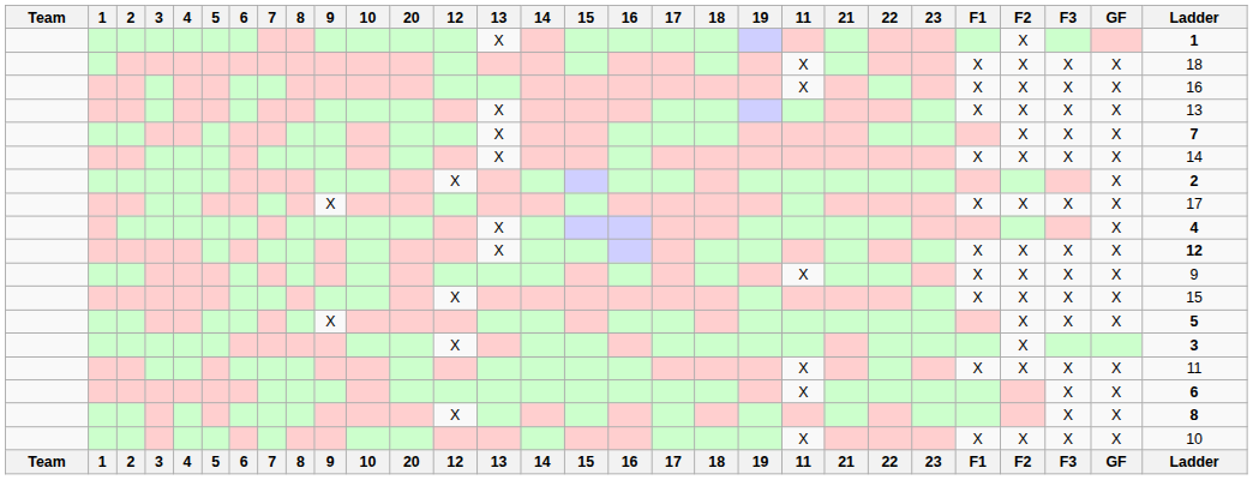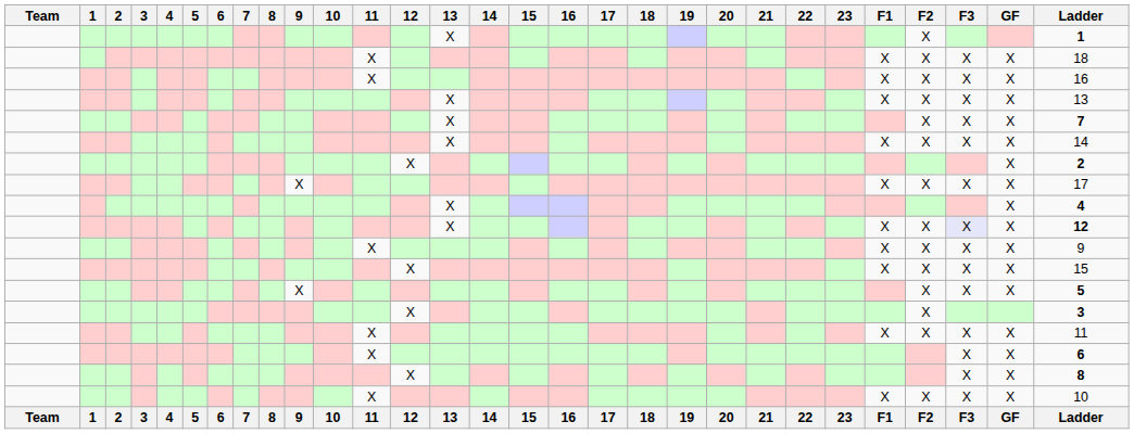 <table class="wikitable sortable" style="font-size:85%; text-align:center; width:90%">
 <tr valign="top">
 <th valign="middle">Team</th>
 <th>1</th>
 <th>2</th>
 <th>3</th>
 <th>4</th>
 <th>5</th>
 <th>6</th>
 <th>7</th>
 <th>8</th>
 <th>9</th>
 <th>10</th>
-<th>20</th>
+<th>11</th>
 <th>12</th>
 <th>13</th>
 <th>14</th>
 <th>15</th>
 <th>16</th>
 <th>17</th>
 <th>18</th>
 <th>19</th>
-<th>11</th>
+<th>20</th>
 <th>21</th>
 <th>22</th>
 <th>23</th>
 <th>F1</th>
 <th>F2</th>
 <th>F3</th>
 <th>GF</th>
 <th valign="middle">Ladder</th>
 </tr>
 <tr>
 <td align="left"></td>
 <td style="background:#cfc;"></td>
 <td style="background:#cfc;"></td>
 <td style="background:#cfc;"></td>
 <td style="background:#cfc;"></td>
 <td style="background:#cfc;"></td>
 <td style="background:#cfc;"></td>
 <td style="background:#FFCFCF;"></td>
 <td style="background:#FFCFCF;"></td>
 <td style="background:#cfc;"></td>
 <td style="background:#cfc;"></td>
-<td style="background:#cfc;"></td>
+<td style="background:#FFCFCF;"></td>
 <td style="background:#cfc;"></td>
 <td>X</td>
 <td style="background:#FFCFCF;"></td>
 <td style="background:#cfc;"></td>
 <td style="background:#cfc;"></td>
 <td style="background:#cfc;"></td>
 <td style="background:#cfc;"></td>
 <td style="background:#CFCFFF;"></td>
-<td style="background:#FFCFCF;"></td>
+<td style="background:#cfc;"></td>
 <td style="background:#cfc;"></td>
 <td style="background:#FFCFCF;"></td>
 <td style="background:#FFCFCF;"></td>
 <td style="background:#cfc;"></td>
 <td>X</td>
 <td style="background:#cfc;"></td>
 <td style="background:#FFCFCF;"></td>
 <td><strong>1</strong></td>
 </tr>
 <tr>
 <td align="left"></td>
 <td style="background:#cfc;"></td>
 <td style="background:#FFCFCF;"></td>
 <td style="background:#FFCFCF;"></td>
 <td style="background:#FFCFCF;"></td>
 <td style="background:#FFCFCF;"></td>
 <td style="background:#FFCFCF;"></td>
 <td style="background:#FFCFCF;"></td>
 <td style="background:#FFCFCF;"></td>
 <td style="background:#FFCFCF;"></td>
 <td style="background:#FFCFCF;"></td>
-<td style="background:#FFCFCF;"></td>
+<td>X</td>
 <td style="background:#cfc;"></td>
 <td style="background:#FFCFCF;"></td>
 <td style="background:#FFCFCF;"></td>
 <td style="background:#cfc;"></td>
 <td style="background:#FFCFCF;"></td>
 <td style="background:#FFCFCF;"></td>
 <td style="background:#cfc;"></td>
 <td style="background:#FFCFCF;"></td>
-<td>X</td>
+<td style="background:#FFCFCF;"></td>
 <td style="background:#cfc;"></td>
 <td style="background:#FFCFCF;"></td>
 <td style="background:#FFCFCF;"></td>
 <td>X</td>
 <td>X</td>
 <td>X</td>
 <td>X</td>
 <td>18</td>
 </tr>
 <tr>
 <td align="left"></td>
 <td style="background:#FFCFCF;"></td>
 <td style="background:#FFCFCF;"></td>
 <td style="background:#cfc;"></td>
 <td style="background:#FFCFCF;"></td>
 <td style="background:#FFCFCF;"></td>
 <td style="background:#cfc;"></td>
 <td style="background:#cfc;"></td>
 <td style="background:#FFCFCF;"></td>
 <td style="background:#FFCFCF;"></td>
 <td style="background:#FFCFCF;"></td>
-<td style="background:#FFCFCF;"></td>
+<td>X</td>
 <td style="background:#cfc;"></td>
 <td style="background:#cfc;"></td>
 <td style="background:#FFCFCF;"></td>
 <td style="background:#FFCFCF;"></td>
 <td style="background:#FFCFCF;"></td>
 <td style="background:#FFCFCF;"></td>
 <td style="background:#FFCFCF;"></td>
 <td style="background:#FFCFCF;"></td>
-<td>X</td>
+<td style="background:#FFCFCF;"></td>
 <td style="background:#FFCFCF;"></td>
 <td style="background:#cfc;"></td>
 <td style="background:#FFCFCF;"></td>
 <td>X</td>
 <td>X</td>
 <td>X</td>
 <td>X</td>
 <td>16</td>
 </tr>
 <tr>
 <td align="left"></td>
 <td style="background:#FFCFCF;"></td>
 <td style="background:#FFCFCF;"></td>
 <td style="background:#cfc;"></td>
 <td style="background:#FFCFCF;"></td>
 <td style="background:#FFCFCF;"></td>
 <td style="background:#cfc;"></td>
 <td style="background:#FFCFCF;"></td>
 <td style="background:#FFCFCF;"></td>
 <td style="background:#cfc;"></td>
 <td style="background:#cfc;"></td>
 <td style="background:#cfc;"></td>
 <td style="background:#FFCFCF;"></td>
 <td>X</td>
 <td style="background:#FFCFCF;"></td>
 <td style="background:#FFCFCF;"></td>
 <td style="background:#FFCFCF;"></td>
 <td style="background:#cfc;"></td>
 <td style="background:#cfc;"></td>
 <td style="background:#CFCFFF;"></td>
 <td style="background:#cfc;"></td>
 <td style="background:#FFCFCF;"></td>
 <td style="background:#FFCFCF;"></td>
 <td style="background:#cfc;"></td>
 <td>X</td>
 <td>X</td>
 <td>X</td>
 <td>X</td>
 <td>13</td>
 </tr>
 <tr>
 <td align="left"></td>
 <td style="background:#cfc;"></td>
 <td style="background:#cfc;"></td>
 <td style="background:#FFCFCF;"></td>
 <td style="background:#FFCFCF;"></td>
 <td style="background:#cfc;"></td>
 <td style="background:#FFCFCF;"></td>
 <td style="background:#FFCFCF;"></td>
 <td style="background:#cfc;"></td>
 <td style="background:#cfc;"></td>
 <td style="background:#FFCFCF;"></td>
-<td style="background:#cfc;"></td>
+<td style="background:#FFCFCF;"></td>
 <td style="background:#cfc;"></td>
 <td>X</td>
 <td style="background:#FFCFCF;"></td>
 <td style="background:#FFCFCF;"></td>
 <td style="background:#cfc;"></td>
 <td style="background:#cfc;"></td>
 <td style="background:#cfc;"></td>
 <td style="background:#FFCFCF;"></td>
-<td style="background:#FFCFCF;"></td>
+<td style="background:#cfc;"></td>
 <td style="background:#FFCFCF;"></td>
 <td style="background:#cfc;"></td>
 <td style="background:#cfc;"></td>
 <td style="background:#FFCFCF;"></td>
 <td>X</td>
 <td>X</td>
 <td>X</td>
 <td><strong>7</strong></td>
 </tr>
 <tr>
 <td align="left"></td>
 <td style="background:#FFCFCF;"></td>
 <td style="background:#FFCFCF;"></td>
 <td style="background:#cfc;"></td>
 <td style="background:#cfc;"></td>
 <td style="background:#cfc;"></td>
 <td style="background:#FFCFCF;"></td>
 <td style="background:#cfc;"></td>
 <td style="background:#cfc;"></td>
 <td style="background:#cfc;"></td>
 <td style="background:#FFCFCF;"></td>
-<td style="background:#cfc;"></td>
+<td style="background:#FFCFCF;"></td>
 <td style="background:#FFCFCF;"></td>
 <td>X</td>
 <td style="background:#FFCFCF;"></td>
 <td style="background:#FFCFCF;"></td>
 <td style="background:#cfc;"></td>
 <td style="background:#FFCFCF;"></td>
 <td style="background:#FFCFCF;"></td>
 <td style="background:#FFCFCF;"></td>
-<td style="background:#FFCFCF;"></td>
+<td style="background:#cfc;"></td>
 <td style="background:#FFCFCF;"></td>
 <td style="background:#FFCFCF;"></td>
 <td style="background:#FFCFCF;"></td>
 <td>X</td>
 <td>X</td>
 <td>X</td>
 <td>X</td>
 <td>14</td>
 </tr>
 <tr>
 <td align="left"></td>
 <td style="background:#cfc;"></td>
 <td style="background:#cfc;"></td>
 <td style="background:#cfc;"></td>
 <td style="background:#cfc;"></td>
 <td style="background:#cfc;"></td>
 <td style="background:#FFCFCF;"></td>
 <td style="background:#FFCFCF;"></td>
 <td style="background:#FFCFCF;"></td>
 <td style="background:#cfc;"></td>
 <td style="background:#cfc;"></td>
-<td style="background:#FFCFCF;"></td>
+<td style="background:#cfc;"></td>
 <td>X</td>
 <td style="background:#FFCFCF;"></td>
 <td style="background:#cfc;"></td>
 <td style="background:#CFCFFF;"></td>
 <td style="background:#cfc;"></td>
 <td style="background:#cfc;"></td>
 <td style="background:#FFCFCF;"></td>
 <td style="background:#cfc;"></td>
-<td style="background:#cfc;"></td>
+<td style="background:#FFCFCF;"></td>
 <td style="background:#cfc;"></td>
 <td style="background:#cfc;"></td>
 <td style="background:#cfc;"></td>
 <td style="background:#FFCFCF;"></td>
 <td style="background:#cfc;"></td>
 <td style="background:#FFCFCF;"></td>
 <td>X</td>
 <td><strong>2</strong></td>
 </tr>
 <tr>
 <td align="left"></td>
 <td style="background:#FFCFCF;"></td>
 <td style="background:#FFCFCF;"></td>
 <td style="background:#cfc;"></td>
 <td style="background:#cfc;"></td>
 <td style="background:#FFCFCF;"></td>
 <td style="background:#FFCFCF;"></td>
 <td style="background:#cfc;"></td>
 <td style="background:#FFCFCF;"></td>
 <td>X</td>
 <td style="background:#FFCFCF;"></td>
-<td style="background:#FFCFCF;"></td>
+<td style="background:#cfc;"></td>
 <td style="background:#cfc;"></td>
 <td style="background:#FFCFCF;"></td>
 <td style="background:#FFCFCF;"></td>
 <td style="background:#cfc;"></td>
 <td style="background:#FFCFCF;"></td>
 <td style="background:#FFCFCF;"></td>
 <td style="background:#FFCFCF;"></td>
 <td style="background:#FFCFCF;"></td>
-<td style="background:#cfc;"></td>
+<td style="background:#FFCFCF;"></td>
 <td style="background:#FFCFCF;"></td>
 <td style="background:#FFCFCF;"></td>
 <td style="background:#FFCFCF;"></td>
 <td>X</td>
 <td>X</td>
 <td>X</td>
 <td>X</td>
 <td>17</td>
 </tr>
 <tr>
 <td align="left"></td>
 <td style="background:#FFCFCF;"></td>
 <td style="background:#cfc;"></td>
 <td style="background:#cfc;"></td>
 <td style="background:#cfc;"></td>
 <td style="background:#cfc;"></td>
 <td style="background:#cfc;"></td>
 <td style="background:#FFCFCF;"></td>
 <td style="background:#cfc;"></td>
 <td style="background:#cfc;"></td>
 <td style="background:#cfc;"></td>
 <td style="background:#cfc;"></td>
 <td style="background:#FFCFCF;"></td>
 <td>X</td>
 <td style="background:#cfc;"></td>
 <td style="background:#CFCFFF;"></td>
 <td style="background:#CFCFFF;"></td>
 <td style="background:#FFCFCF;"></td>
 <td style="background:#FFCFCF;"></td>
 <td style="background:#cfc;"></td>
 <td style="background:#cfc;"></td>
 <td style="background:#cfc;"></td>
 <td style="background:#cfc;"></td>
 <td style="background:#FFCFCF;"></td>
 <td style="background:#FFCFCF;"></td>
 <td style="background:#cfc;"></td>
 <td style="background:#FFCFCF;"></td>
 <td>X</td>
 <td><strong>4</strong></td>
 </tr>
 <tr>
 <td align="left"></td>
 <td style="background:#FFCFCF;"></td>
 <td style="background:#FFCFCF;"></td>
 <td style="background:#FFCFCF;"></td>
 <td style="background:#FFCFCF;"></td>
 <td style="background:#cfc;"></td>
 <td style="background:#FFCFCF;"></td>
 <td style="background:#cfc;"></td>
 <td style="background:#cfc;"></td>
 <td style="background:#FFCFCF;"></td>
 <td style="background:#cfc;"></td>
 <td style="background:#FFCFCF;"></td>
 <td style="background:#FFCFCF;"></td>
 <td>X</td>
 <td style="background:#cfc;"></td>
 <td style="background:#cfc;"></td>
 <td style="background:#CFCFFF;"></td>
 <td style="background:#FFCFCF;"></td>
 <td style="background:#cfc;"></td>
 <td style="background:#cfc;"></td>
 <td style="background:#FFCFCF;"></td>
 <td style="background:#cfc;"></td>
 <td style="background:#FFCFCF;"></td>
 <td style="background:#cfc;"></td>
 <td>X</td>
 <td>X</td>
-<td>X</td>
+<td style="background: lavender;">X</td>
 <td>X</td>
 <td><strong>12</strong></td>
 </tr>
 <tr>
 <td align="left"></td>
 <td style="background:#cfc;"></td>
 <td style="background:#cfc;"></td>
 <td style="background:#FFCFCF;"></td>
 <td style="background:#FFCFCF;"></td>
 <td style="background:#FFCFCF;"></td>
 <td style="background:#cfc;"></td>
 <td style="background:#FFCFCF;"></td>
 <td style="background:#cfc;"></td>
 <td style="background:#FFCFCF;"></td>
 <td style="background:#cfc;"></td>
-<td style="background:#FFCFCF;"></td>
+<td>X</td>
 <td style="background:#cfc;"></td>
 <td style="background:#cfc;"></td>
 <td style="background:#cfc;"></td>
 <td style="background:#FFCFCF;"></td>
 <td style="background:#cfc;"></td>
 <td style="background:#FFCFCF;"></td>
 <td style="background:#cfc;"></td>
 <td style="background:#FFCFCF;"></td>
-<td>X</td>
+<td style="background:#FFCFCF;"></td>
 <td style="background:#cfc;"></td>
 <td style="background:#cfc;"></td>
 <td style="background:#FFCFCF;"></td>
 <td>X</td>
 <td>X</td>
 <td>X</td>
 <td>X</td>
 <td>9</td>
 </tr>
 <tr>
 <td align="left"></td>
 <td style="background:#FFCFCF;"></td>
 <td style="background:#FFCFCF;"></td>
 <td style="background:#FFCFCF;"></td>
 <td style="background:#FFCFCF;"></td>
 <td style="background:#FFCFCF;"></td>
 <td style="background:#cfc;"></td>
 <td style="background:#cfc;"></td>
 <td style="background:#FFCFCF;"></td>
 <td style="background:#cfc;"></td>
 <td style="background:#cfc;"></td>
 <td style="background:#FFCFCF;"></td>
 <td>X</td>
 <td style="background:#FFCFCF;"></td>
 <td style="background:#FFCFCF;"></td>
 <td style="background:#FFCFCF;"></td>
 <td style="background:#FFCFCF;"></td>
 <td style="background:#FFCFCF;"></td>
 <td style="background:#FFCFCF;"></td>
 <td style="background:#cfc;"></td>
 <td style="background:#FFCFCF;"></td>
 <td style="background:#FFCFCF;"></td>
 <td style="background:#FFCFCF;"></td>
 <td style="background:#cfc;"></td>
 <td>X</td>
 <td>X</td>
 <td>X</td>
 <td>X</td>
 <td>15</td>
 </tr>
 <tr>
 <td align="left"></td>
 <td style="background:#cfc;"></td>
 <td style="background:#cfc;"></td>
 <td style="background:#FFCFCF;"></td>
 <td style="background:#FFCFCF;"></td>
 <td style="background:#cfc;"></td>
 <td style="background:#cfc;"></td>
 <td style="background:#FFCFCF;"></td>
 <td style="background:#cfc;"></td>
 <td>X</td>
 <td style="background:#FFCFCF;"></td>
-<td style="background:#FFCFCF;"></td>
+<td style="background:#cfc;"></td>
 <td style="background:#FFCFCF;"></td>
 <td style="background:#cfc;"></td>
 <td style="background:#cfc;"></td>
 <td style="background:#FFCFCF;"></td>
 <td style="background:#cfc;"></td>
 <td style="background:#cfc;"></td>
 <td style="background:#FFCFCF;"></td>
 <td style="background:#cfc;"></td>
-<td style="background:#cfc;"></td>
+<td style="background:#FFCFCF;"></td>
 <td style="background:#cfc;"></td>
 <td style="background:#cfc;"></td>
 <td style="background:#cfc;"></td>
 <td style="background:#FFCFCF;"></td>
 <td>X</td>
 <td>X</td>
 <td>X</td>
 <td><strong>5</strong></td>
 </tr>
 <tr>
 <td align="left"></td>
 <td style="background:#cfc;"></td>
 <td style="background:#cfc;"></td>
 <td style="background:#cfc;"></td>
 <td style="background:#cfc;"></td>
 <td style="background:#cfc;"></td>
 <td style="background:#FFCFCF;"></td>
 <td style="background:#FFCFCF;"></td>
 <td style="background:#FFCFCF;"></td>
 <td style="background:#FFCFCF;"></td>
 <td style="background:#cfc;"></td>
 <td style="background:#cfc;"></td>
 <td>X</td>
 <td style="background:#FFCFCF;"></td>
 <td style="background:#cfc;"></td>
 <td style="background:#cfc;"></td>
 <td style="background:#FFCFCF;"></td>
 <td style="background:#cfc;"></td>
 <td style="background:#cfc;"></td>
 <td style="background:#cfc;"></td>
 <td style="background:#cfc;"></td>
 <td style="background:#FFCFCF;"></td>
 <td style="background:#cfc;"></td>
 <td style="background:#cfc;"></td>
 <td style="background:#cfc;"></td>
 <td>X</td>
 <td style="background:#cfc;"></td>
 <td style="background:#cfc;"></td>
 <td><strong>3</strong></td>
 </tr>
 <tr>
 <td align="left"></td>
 <td style="background:#FFCFCF;"></td>
 <td style="background:#FFCFCF;"></td>
 <td style="background:#cfc;"></td>
 <td style="background:#cfc;"></td>
 <td style="background:#FFCFCF;"></td>
 <td style="background:#cfc;"></td>
 <td style="background:#cfc;"></td>
 <td style="background:#cfc;"></td>
 <td style="background:#FFCFCF;"></td>
 <td style="background:#FFCFCF;"></td>
-<td style="background:#cfc;"></td>
+<td>X</td>
 <td style="background:#FFCFCF;"></td>
 <td style="background:#cfc;"></td>
 <td style="background:#cfc;"></td>
 <td style="background:#cfc;"></td>
 <td style="background:#cfc;"></td>
 <td style="background:#FFCFCF;"></td>
 <td style="background:#FFCFCF;"></td>
 <td style="background:#FFCFCF;"></td>
-<td>X</td>
+<td style="background:#cfc;"></td>
 <td style="background:#FFCFCF;"></td>
 <td style="background:#cfc;"></td>
 <td style="background:#FFCFCF;"></td>
 <td>X</td>
 <td>X</td>
 <td>X</td>
 <td>X</td>
 <td>11</td>
 </tr>
 <tr>
 <td align="left"></td>
 <td style="background:#FFCFCF;"></td>
 <td style="background:#FFCFCF;"></td>
 <td style="background:#FFCFCF;"></td>
 <td style="background:#FFCFCF;"></td>
 <td style="background:#FFCFCF;"></td>
 <td style="background:#FFCFCF;"></td>
 <td style="background:#cfc;"></td>
 <td style="background:#cfc;"></td>
 <td style="background:#cfc;"></td>
 <td style="background:#FFCFCF;"></td>
-<td style="background:#cfc;"></td>
+<td>X</td>
 <td style="background:#cfc;"></td>
 <td style="background:#cfc;"></td>
 <td style="background:#cfc;"></td>
 <td style="background:#cfc;"></td>
 <td style="background:#cfc;"></td>
 <td style="background:#cfc;"></td>
 <td style="background:#cfc;"></td>
 <td style="background:#FFCFCF;"></td>
-<td>X</td>
+<td style="background:#cfc;"></td>
 <td style="background:#cfc;"></td>
 <td style="background:#cfc;"></td>
 <td style="background:#cfc;"></td>
 <td style="background:#cfc;"></td>
 <td style="background:#FFCFCF;"></td>
 <td>X</td>
 <td>X</td>
 <td><strong>6</strong></td>
 </tr>
 <tr>
 <td align="left"></td>
 <td style="background:#cfc;"></td>
 <td style="background:#cfc;"></td>
 <td style="background:#FFCFCF;"></td>
 <td style="background:#cfc;"></td>
 <td style="background:#FFCFCF;"></td>
 <td style="background:#cfc;"></td>
 <td style="background:#cfc;"></td>
 <td style="background:#cfc;"></td>
 <td style="background:#FFCFCF;"></td>
 <td style="background:#FFCFCF;"></td>
 <td style="background:#FFCFCF;"></td>
 <td>X</td>
 <td style="background:#cfc;"></td>
 <td style="background:#FFCFCF;"></td>
 <td style="background:#cfc;"></td>
 <td style="background:#FFCFCF;"></td>
 <td style="background:#cfc;"></td>
 <td style="background:#FFCFCF;"></td>
 <td style="background:#cfc;"></td>
 <td style="background:#FFCFCF;"></td>
 <td style="background:#cfc;"></td>
 <td style="background:#FFCFCF;"></td>
 <td style="background:#cfc;"></td>
 <td style="background:#cfc;"></td>
 <td style="background:#FFCFCF;"></td>
 <td>X</td>
 <td>X</td>
 <td><strong>8</strong></td>
 </tr>
 <tr>
 <td align="left"></td>
 <td style="background:#cfc;"></td>
 <td style="background:#cfc;"></td>
 <td style="background:#FFCFCF;"></td>
 <td style="background:#cfc;"></td>
 <td style="background:#cfc;"></td>
 <td style="background:#FFCFCF;"></td>
 <td style="background:#cfc;"></td>
 <td style="background:#FFCFCF;"></td>
 <td style="background:#FFCFCF;"></td>
 <td style="background:#cfc;"></td>
-<td style="background:#cfc;"></td>
+<td>X</td>
 <td style="background:#FFCFCF;"></td>
 <td style="background:#FFCFCF;"></td>
 <td style="background:#cfc;"></td>
 <td style="background:#FFCFCF;"></td>
 <td style="background:#FFCFCF;"></td>
 <td style="background:#cfc;"></td>
 <td style="background:#cfc;"></td>
 <td style="background:#cfc;"></td>
-<td>X</td>
+<td style="background:#cfc;"></td>
 <td style="background:#FFCFCF;"></td>
 <td style="background:#FFCFCF;"></td>
 <td style="background:#FFCFCF;"></td>
 <td>X</td>
 <td>X</td>
 <td>X</td>
 <td>X</td>
 <td>10</td>
 </tr>
 <tr valign="top">
 <th valign="middle">Team</th>
 <th>1</th>
 <th>2</th>
 <th>3</th>
 <th>4</th>
 <th>5</th>
 <th>6</th>
 <th>7</th>
 <th>8</th>
 <th>9</th>
 <th>10</th>
-<th>20</th>
+<th>11</th>
 <th>12</th>
 <th>13</th>
 <th>14</th>
 <th>15</th>
 <th>16</th>
 <th>17</th>
 <th>18</th>
 <th>19</th>
-<th>11</th>
+<th>20</th>
 <th>21</th>
 <th>22</th>
 <th>23</th>
 <th>F1</th>
 <th>F2</th>
 <th>F3</th>
 <th>GF</th>
 <th valign="middle">Ladder</th>
 </tr>
 </table>
